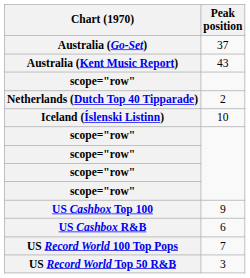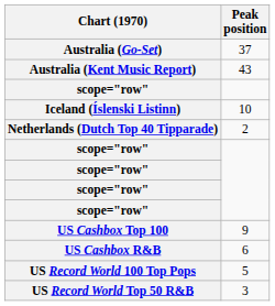 <table class="wikitable sortable plainrowheaders">
 <tr>
 <th scope="col">Chart (1970)</th>
 <th scope="col">Peak<br>position</th>
 </tr>
 <tr>
 <th scope="row">Australia (<em><a href='#'>Go-Set</a></em>)</th>
 <td align="center">37</td>
 </tr>
 <tr>
 <th scope="row">Australia (<a href='#'>Kent Music Report</a>)</th>
 <td align="center">43</td>
 </tr>
 <tr>
 <th>scope="row" </th>
 </tr>
 <tr>
+<th scope="row">Iceland (<a href='#'>Íslenski Listinn</a>)</th>
+<td style="text-align:center;">10</td>
+</tr>
+<tr>
 <th scope="row">Netherlands (<a href='#'>Dutch Top 40 Tipparade</a>)</th>
 <td align="center">2</td>
-</tr>
-<tr>
-<th scope="row">Iceland (<a href='#'>Íslenski Listinn</a>)</th>
-<td style="text-align:center;">10</td>
 </tr>
 <tr>
 <th>scope="row" </th>
 </tr>
 <tr>
 <th>scope="row" </th>
 </tr>
 <tr>
 <th>scope="row" </th>
 </tr>
 <tr>
 <th>scope="row" </th>
 </tr>
 <tr>
 <th scope="row"><a href='#'>US <em>Cashbox</em> Top 100</a></th>
 <td style="text-align:center;">9</td>
 </tr>
 <tr>
 <th scope="row"><a href='#'>US <em>Cashbox</em> R&B</a></th>
 <td style="text-align:center;">6</td>
 </tr>
 <tr>
 <th scope="row">US <a href='#'><em>Record World</em> 100 Top Pops</a></th>
-<td style="text-align:center;">7</td>
+<td style="text-align:center;">5</td>
 </tr>
 <tr>
 <th scope="row">US <a href='#'><em>Record World</em> Top 50 R&B</a></th>
 <td style="text-align:center;">3</td>
 </tr>
 </table>
